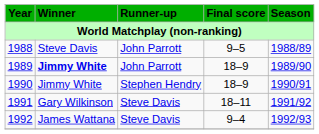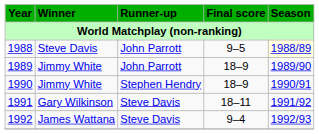 <table class="wikitable" style="margin: auto">
 <tr>
 <th style="text-align: center; background-color: #00af00">Year</th>
 <th style="text-align: left; background-color: #00af00">Winner</th>
 <th style="text-align: left; background-color: #00af00">Runner-up</th>
 <th style="text-align: left; background-color: #00af00">Final score</th>
 <th style="text-align: left; background-color: #00af00">Season</th>
 </tr>
 <tr>
 <th colspan=5 style="text-align: center; background-color: #c0ffc0">World Matchplay (non-ranking)</th>
 </tr>
 <tr>
 <td><a href='#'>1988</a></td>
 <td> <a href='#'>Steve Davis</a></td>
 <td> <a href='#'>John Parrott</a></td>
 <td style="text-align: center">9–5</td>
-<td><a href='#'>1988/89</a></td>
+<td style="background: lightyellow;"><a href='#'>1988/89</a></td>
 </tr>
 <tr>
 <td><a href='#'>1989</a></td>
-<td><strong> <a href='#'>Jimmy White</a></strong></td>
+<td> <a href='#'>Jimmy White</a></td>
 <td> <a href='#'>John Parrott</a></td>
 <td style="text-align: center">18–9</td>
 <td><a href='#'>1989/90</a></td>
 </tr>
 <tr>
 <td><a href='#'>1990</a></td>
 <td> <a href='#'>Jimmy White</a></td>
 <td> <a href='#'>Stephen Hendry</a></td>
 <td style="text-align: center">18–9</td>
 <td><a href='#'>1990/91</a></td>
 </tr>
 <tr>
 <td><a href='#'>1991</a></td>
 <td> <a href='#'>Gary Wilkinson</a></td>
 <td> <a href='#'>Steve Davis</a></td>
 <td style="text-align: center">18–11</td>
 <td><a href='#'>1991/92</a></td>
 </tr>
 <tr>
 <td><a href='#'>1992</a></td>
 <td> <a href='#'>James Wattana</a></td>
 <td> <a href='#'>Steve Davis</a></td>
 <td style="text-align: center">9–4</td>
 <td><a href='#'>1992/93</a></td>
 </tr>
 <tr>
 </tr>
 </table>
